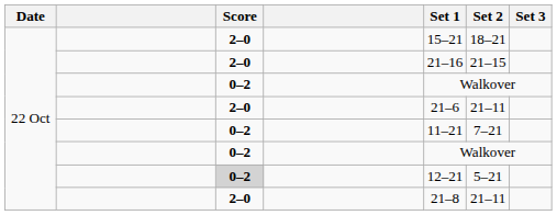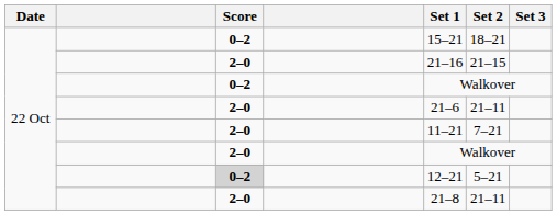 <table class="wikitable" style="text-align: center;">
 <tr>
 <th width="60">Date</th>
 <th align="right" width="270"></th>
 <th width="50">Score</th>
 <th align="left" width="270"></th>
 <th width="50">Set 1</th>
 <th width="50">Set 2</th>
 <th width="50">Set 3</th>
 </tr>
 <tr>
 <td rowspan=8>22 Oct</td>
 <td align=left></td>
-<td align=center><strong>2–0</strong></td>
+<td align=center><strong>0–2</strong></td>
 <td align=left><strong></strong></td>
 <td>15–21</td>
 <td>18–21</td>
 <td></td>
 </tr>
 <tr>
 <td align=left><strong></strong></td>
 <td align=center><strong>2–0</strong></td>
 <td align=left></td>
 <td>21–16</td>
 <td>21–15</td>
 <td></td>
 </tr>
 <tr>
 <td align=left></td>
 <td align=center><strong>0–2</strong></td>
 <td align=left><strong></strong></td>
 <td colspan=3>Walkover</td>
 </tr>
 <tr>
 <td align=left><strong></strong></td>
 <td align=center><strong>2–0</strong></td>
 <td align=left></td>
 <td>21–6</td>
 <td>21–11</td>
 <td></td>
 </tr>
 <tr>
 <td align=left></td>
-<td align=center><strong>0–2</strong></td>
+<td align=center><strong>2–0</strong></td>
 <td align=left><strong></strong></td>
 <td>11–21</td>
 <td>7–21</td>
 <td></td>
 </tr>
 <tr>
 <td align=left><strong></strong></td>
-<td align=center><strong>0–2</strong></td>
+<td align=center><strong>2–0</strong></td>
 <td align=left></td>
 <td colspan=3>Walkover</td>
 </tr>
 <tr>
 <td align=left></td>
 <td align=center style="background: lightgrey;"><strong>0–2</strong></td>
 <td align=left><strong></strong></td>
 <td>12–21</td>
 <td>5–21</td>
 <td></td>
 </tr>
 <tr>
 <td align=left><strong></strong></td>
 <td align=center><strong>2–0</strong></td>
 <td align=left></td>
 <td>21–8</td>
 <td>21–11</td>
 <td></td>
 </tr>
 </table>
